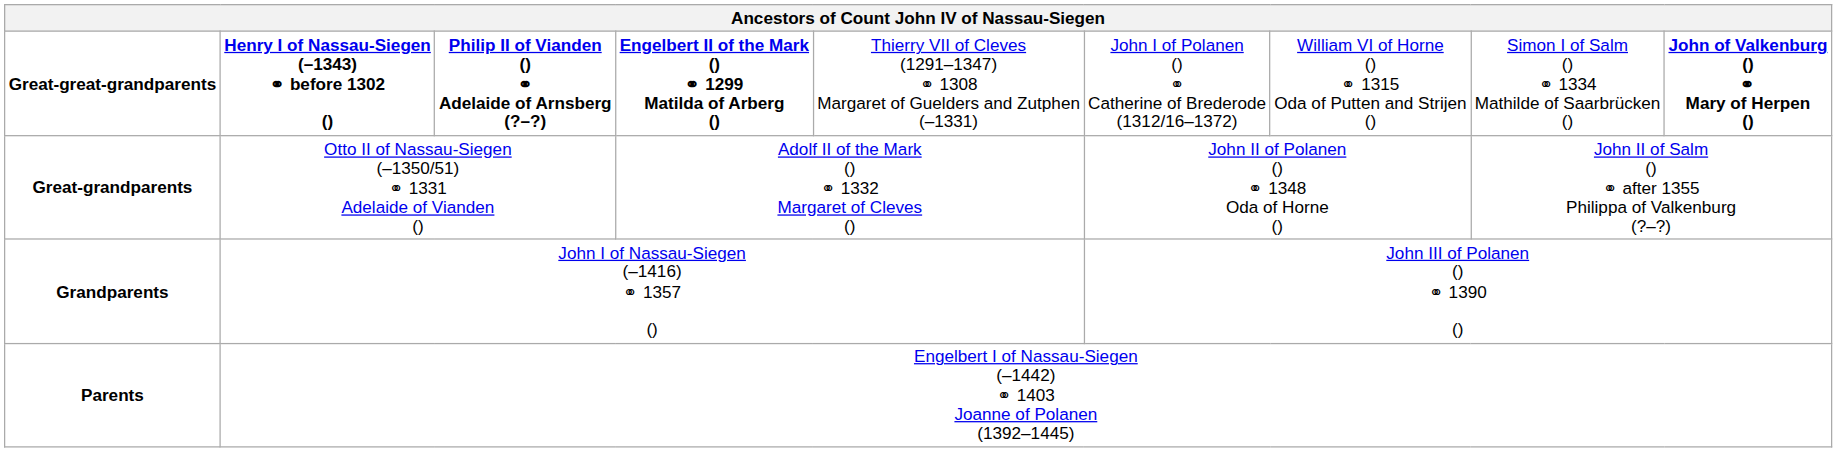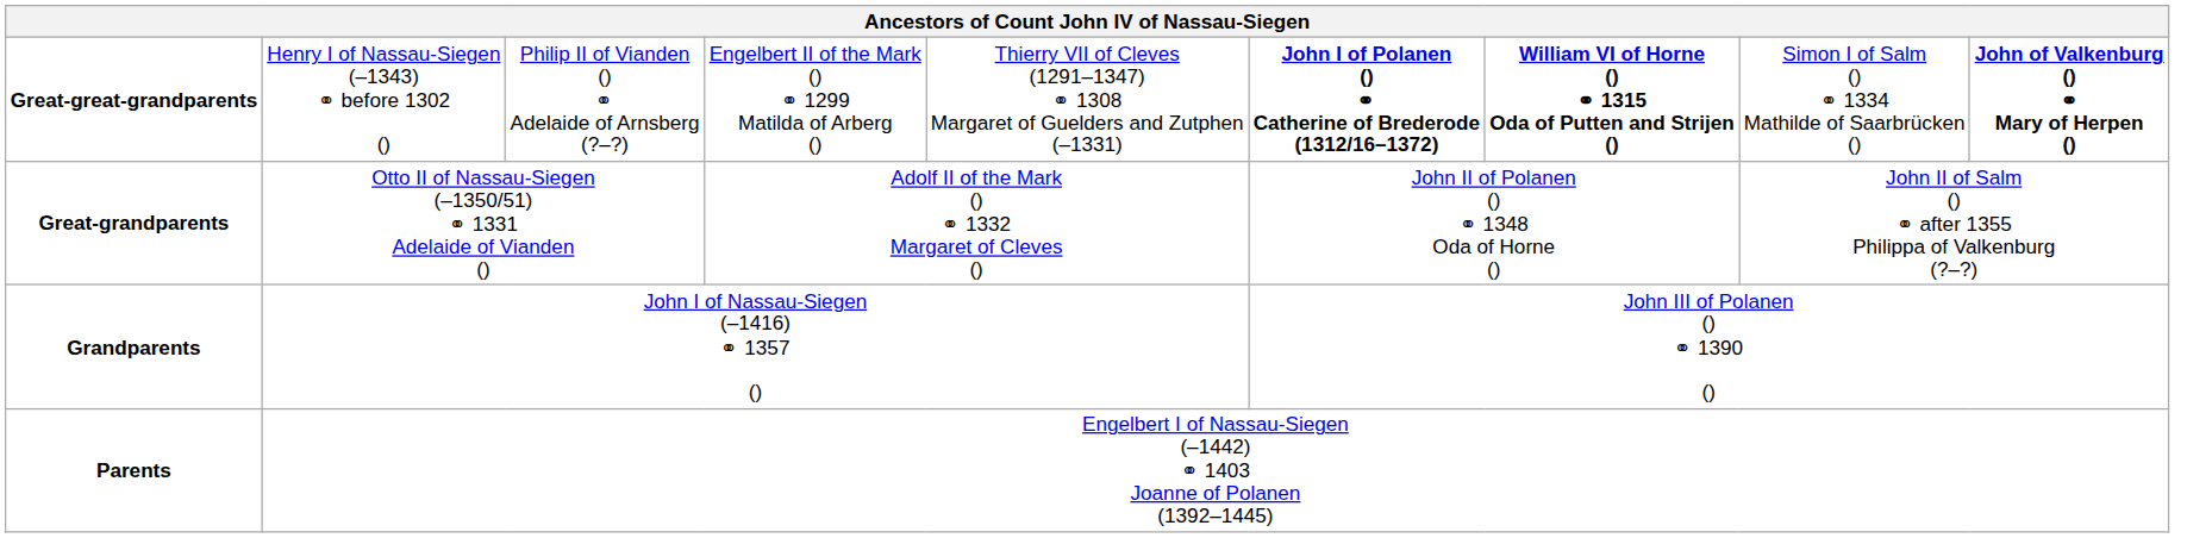 <table class="wikitable" style="background:#FFFFFF; font-size:85%; text-align:center">
 <tr bgcolor="#E0E0E0">
 <th colspan="9">Ancestors of Count John IV of Nassau-Siegen</th>
 </tr>
 <tr>
 <td><strong>Great-great-grandparents</strong></td>
-<td colspan="1"><strong><a href='#'>Henry I of Nassau-Siegen</a><br>(–1343)<br>⚭ before 1302<br><br>()</strong></td>
-<td colspan="1"><strong><a href='#'>Philip II of Vianden</a><br>()<br>⚭<br>Adelaide of Arnsberg<br>(?–?)</strong></td>
-<td colspan="1"><strong><a href='#'>Engelbert&nbsp;II of the Mark</a><br>()<br>⚭ 1299<br>Matilda of Arberg<br>()</strong></td>
+<td colspan="1"><a href='#'>Henry I of Nassau-Siegen</a><br>(–1343)<br>⚭ before 1302<br><br>()</td>
+<td colspan="1"><a href='#'>Philip II of Vianden</a><br>()<br>⚭<br>Adelaide of Arnsberg<br>(?–?)</td>
+<td colspan="1"><a href='#'>Engelbert&nbsp;II of the Mark</a><br>()<br>⚭ 1299<br>Matilda of Arberg<br>()</td>
 <td colspan="1"><a href='#'>Thierry VII of Cleves</a><br>(1291–1347)<br>⚭ 1308<br>Margaret of Guelders and Zutphen<br>(–1331)</td>
-<td colspan="1"><a href='#'>John I of Polanen</a><br>()<br>⚭<br>Catherine of Brederode<br>(1312/16–1372)</td>
-<td colspan="1"><a href='#'>William VI of Horne</a><br>()<br>⚭ 1315<br>Oda of Putten and Strijen<br>()</td>
+<td colspan="1"><strong><a href='#'>John I of Polanen</a><br>()<br>⚭<br>Catherine of Brederode<br>(1312/16–1372)</strong></td>
+<td colspan="1"><strong><a href='#'>William VI of Horne</a><br>()<br>⚭ 1315<br>Oda of Putten and Strijen<br>()</strong></td>
 <td colspan="1"><a href='#'>Simon I of Salm</a><br>()<br>⚭ 1334<br>Mathilde of Saarbrücken<br>()</td>
 <td colspan="1"><strong><a href='#'>John of Valkenburg</a><br>()<br>⚭<br>Mary of Herpen<br>()</strong></td>
 </tr>
 <tr>
 <td><strong>Great-grandparents</strong></td>
 <td colspan="2"><a href='#'>Otto II of Nassau-Siegen</a><br>(–1350/51)<br>⚭ 1331<br><a href='#'>Adelaide of Vianden</a><br>()</td>
 <td colspan="2"><a href='#'>Adolf II of the Mark</a><br>()<br>⚭ 1332<br><a href='#'>Margaret of Cleves</a><br>()</td>
 <td colspan="2"><a href='#'>John II of Polanen</a><br>()<br>⚭ 1348<br>Oda of Horne<br>()</td>
 <td colspan="2"><a href='#'>John II of Salm</a><br>()<br>⚭ after 1355<br>Philippa of Valkenburg<br>(?–?)</td>
 </tr>
 <tr>
 <td><strong>Grandparents</strong></td>
 <td colspan="4"><a href='#'>John I of Nassau-Siegen</a><br>(–1416)<br>⚭ 1357<br><br>()</td>
 <td colspan="4"><a href='#'>John III of Polanen</a><br>()<br>⚭ 1390<br><br>()</td>
 </tr>
 <tr>
 <td><strong>Parents</strong></td>
 <td colspan="8"><a href='#'>Engelbert I of Nassau-Siegen</a><br>(–1442)<br>⚭ 1403<br><a href='#'>Joanne of Polanen</a><br>(1392–1445)</td>
 </tr>
 </table>
